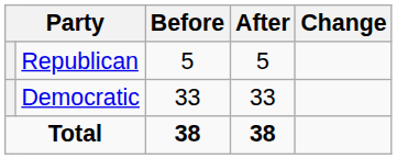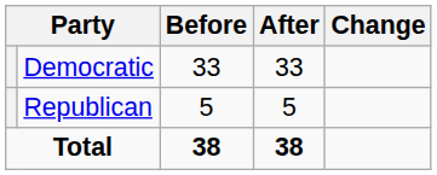 <table class="wikitable" style="text-align:center;">
 <tr>
 <th colspan="2">Party</th>
 <th>Before</th>
 <th>After</th>
 <th>Change</th>
 </tr>
 <tr>
 <th style="background-color:"></th>
-<td style="text-align:left;"><a href='#'>Republican</a></td>
-<td>5</td>
-<td>5</td>
+<td style="text-align:left;"><a href='#'>Democratic</a></td>
+<td>33</td>
+<td>33</td>
 <td></td>
 </tr>
 <tr>
 <th style="background-color:"></th>
-<td style="text-align:left;"><a href='#'>Democratic</a></td>
-<td>33</td>
-<td>33</td>
+<td style="text-align:left;"><a href='#'>Republican</a></td>
+<td>5</td>
+<td>5</td>
 <td></td>
 </tr>
 <tr>
 <td colspan="2"><strong>Total</strong></td>
 <td><strong>38</strong></td>
 <td><strong>38</strong></td>
 <td></td>
 </tr>
 </table>
